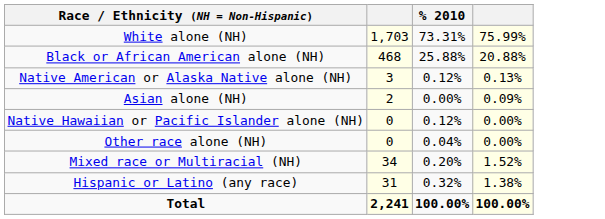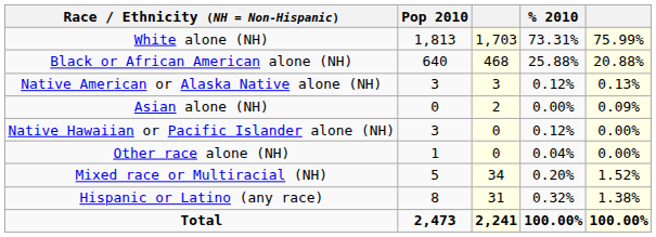 <table class="wikitable" style="text-align:center;">
 <tr>
 <th>Race / Ethnicity <small>(<em>NH = Non-Hispanic</em>)</small></th>
+<th>Pop 2010</th>
 <th></th>
 <th>% 2010</th>
 <th></th>
 </tr>
 <tr>
 <td><a href='#'>White</a> alone (NH)</td>
+<td>1,813</td>
 <td style='background: #ffffe6;'>1,703</td>
 <td>73.31%</td>
 <td style='background: #ffffe6;'>75.99%</td>
 </tr>
 <tr>
 <td><a href='#'>Black or African American</a> alone (NH)</td>
+<td>640</td>
 <td style='background: #ffffe6;'>468</td>
 <td>25.88%</td>
 <td style='background: #ffffe6;'>20.88%</td>
 </tr>
 <tr>
 <td><a href='#'>Native American</a> or <a href='#'>Alaska Native</a> alone (NH)</td>
+<td>3</td>
 <td style='background: #ffffe6;'>3</td>
 <td>0.12%</td>
 <td style='background: #ffffe6;'>0.13%</td>
 </tr>
 <tr>
 <td><a href='#'>Asian</a> alone (NH)</td>
+<td>0</td>
 <td style='background: #ffffe6;'>2</td>
 <td>0.00%</td>
 <td style='background: #ffffe6;'>0.09%</td>
 </tr>
 <tr>
 <td><a href='#'>Native Hawaiian</a> or <a href='#'>Pacific Islander</a> alone (NH)</td>
+<td>3</td>
 <td style='background: #ffffe6;'>0</td>
 <td>0.12%</td>
 <td style='background: #ffffe6;'>0.00%</td>
 </tr>
 <tr>
 <td><a href='#'>Other race</a> alone (NH)</td>
+<td>1</td>
 <td style='background: #ffffe6;'>0</td>
 <td>0.04%</td>
 <td style='background: #ffffe6;'>0.00%</td>
 </tr>
 <tr>
 <td><a href='#'>Mixed race or Multiracial</a> (NH)</td>
+<td>5</td>
 <td style='background: #ffffe6;'>34</td>
 <td>0.20%</td>
 <td style='background: #ffffe6;'>1.52%</td>
 </tr>
 <tr>
 <td><a href='#'>Hispanic or Latino</a> (any race)</td>
+<td>8</td>
 <td style='background: #ffffe6;'>31</td>
 <td>0.32%</td>
 <td style='background: #ffffe6;'>1.38%</td>
 </tr>
 <tr>
 <td><strong>Total</strong></td>
+<td><strong>2,473</strong></td>
 <td style='background: #ffffe6;'><strong>2,241</strong></td>
 <td><strong>100.00%</strong></td>
 <td style='background: #ffffe6;'><strong>100.00%</strong></td>
 </tr>
 </table>
